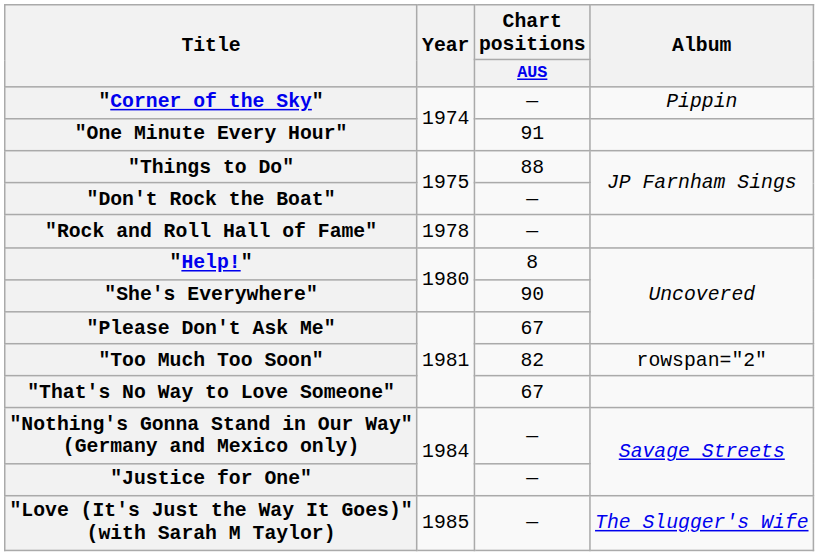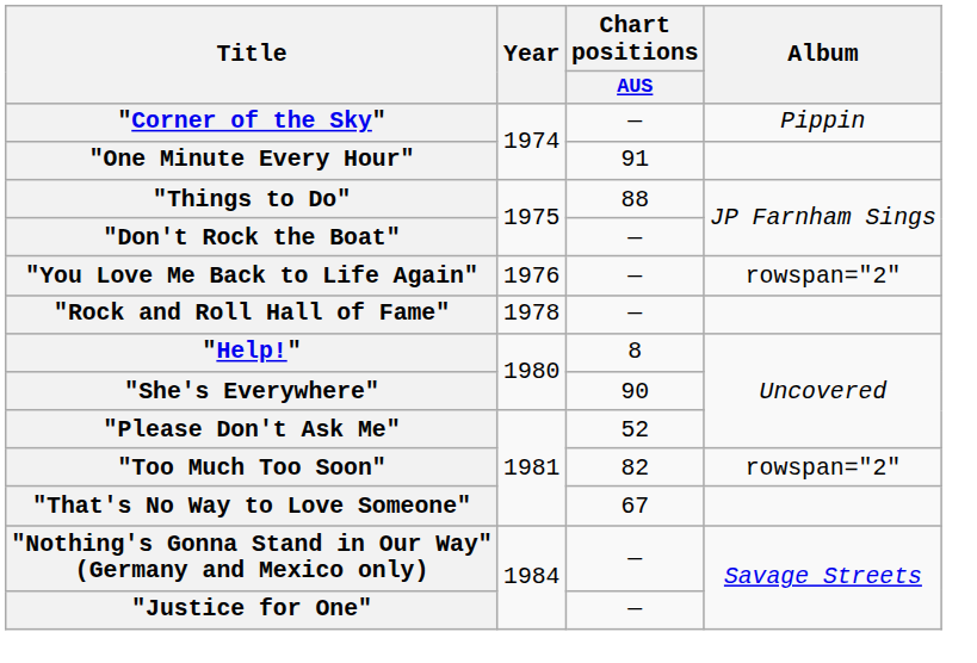 <table class="wikitable plainrowheaders" style="text-align:center;">
 <tr>
 <th rowspan="2">Title</th>
 <th rowspan="2">Year</th>
 <th colspan="1">Chart positions</th>
 <th rowspan="2">Album</th>
 </tr>
 <tr>
 <th scope="col" style="width:3em;font-size:85%;"><a href='#'>AUS</a><br></th>
 </tr>
 <tr>
 <th scope="row">"<a href='#'>Corner of the Sky</a>"</th>
 <td rowspan="2">1974</td>
 <td>—</td>
 <td><em>Pippin</em></td>
 </tr>
 <tr>
 <th scope="row">"One Minute Every Hour"</th>
 <td>91</td>
 <td></td>
 </tr>
 <tr>
 <th scope="row">"Things to Do"</th>
 <td rowspan="2">1975</td>
 <td>88</td>
 <td rowspan="2"><em>JP Farnham Sings</em></td>
 </tr>
 <tr>
 <th scope="row">"Don't Rock the Boat"</th>
 <td>—</td>
 </tr>
 <tr>
+<th scope="row">"You Love Me Back to Life Again"</th>
+<td>1976</td>
+<td>—</td>
+<td>rowspan="2" </td>
+</tr>
+<tr>
 <th scope="row">"Rock and Roll Hall of Fame"</th>
 <td>1978</td>
 <td>—</td>
 </tr>
 <tr>
 <th scope="row">"<a href='#'>Help!</a>"</th>
 <td rowspan="2">1980</td>
 <td>8</td>
 <td rowspan="3"><em>Uncovered</em></td>
 </tr>
 <tr>
 <th scope="row">"She's Everywhere"</th>
 <td>90</td>
 </tr>
 <tr>
 <th scope="row">"Please Don't Ask Me"</th>
 <td rowspan="3">1981</td>
-<td>67</td>
+<td>52</td>
 </tr>
 <tr>
 <th scope="row">"Too Much Too Soon"</th>
 <td>82</td>
 <td>rowspan="2" </td>
 </tr>
 <tr>
 <th scope="row">"That's No Way to Love Someone"</th>
 <td>67</td>
 </tr>
 <tr>
 <th scope="row">"Nothing's Gonna Stand in Our Way" <br> (Germany and Mexico only)</th>
 <td rowspan="2">1984</td>
 <td>—</td>
 <td rowspan="2"><em><a href='#'>Savage Streets</a></em></td>
 </tr>
 <tr>
 <th scope="row">"Justice for One"</th>
 <td>—</td>
 </tr>
-<tr>
-<th scope="row">"Love (It's Just the Way It Goes)" <br> (with Sarah M Taylor)</th>
-<td>1985</td>
-<td>—</td>
-<td><em><a href='#'>The Slugger's Wife</a></em></td>
-</tr>
 </table>
